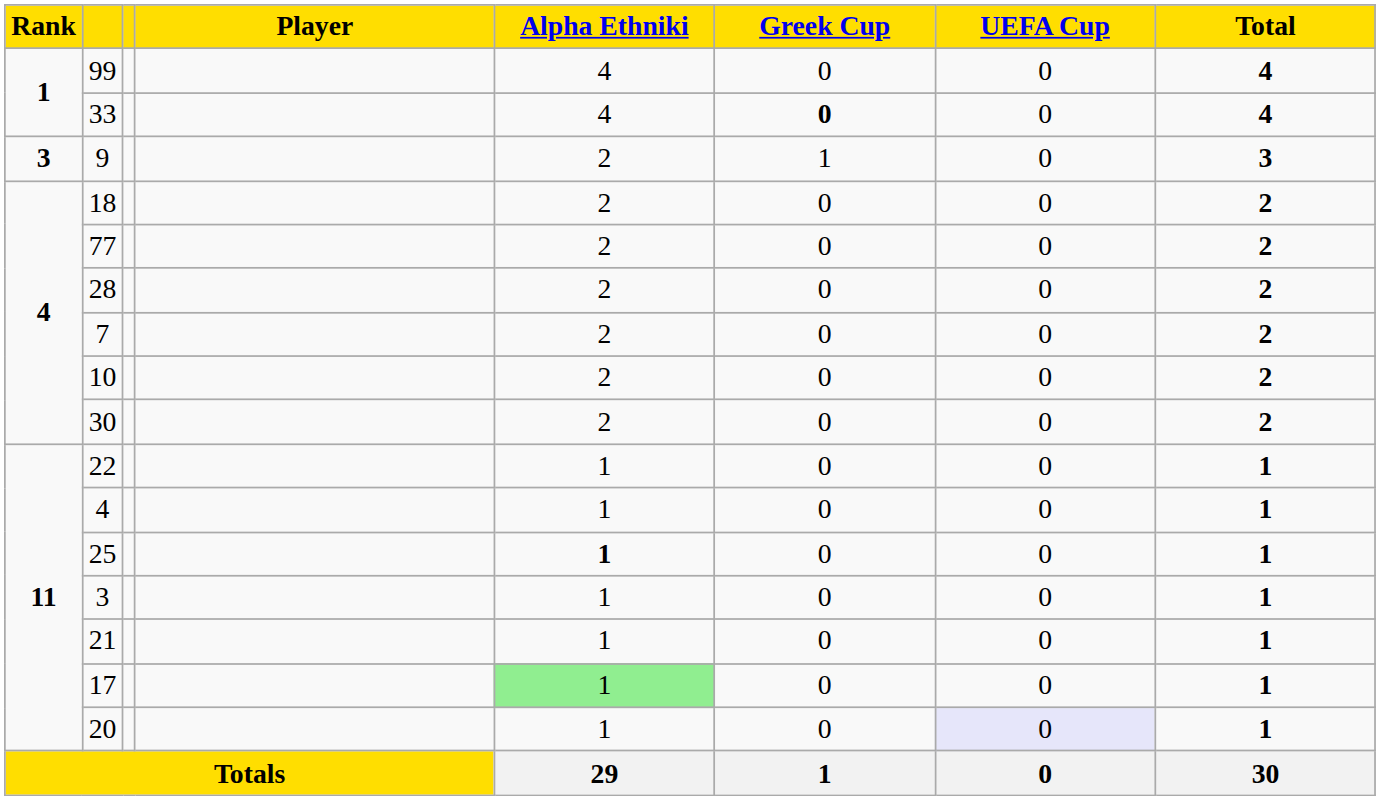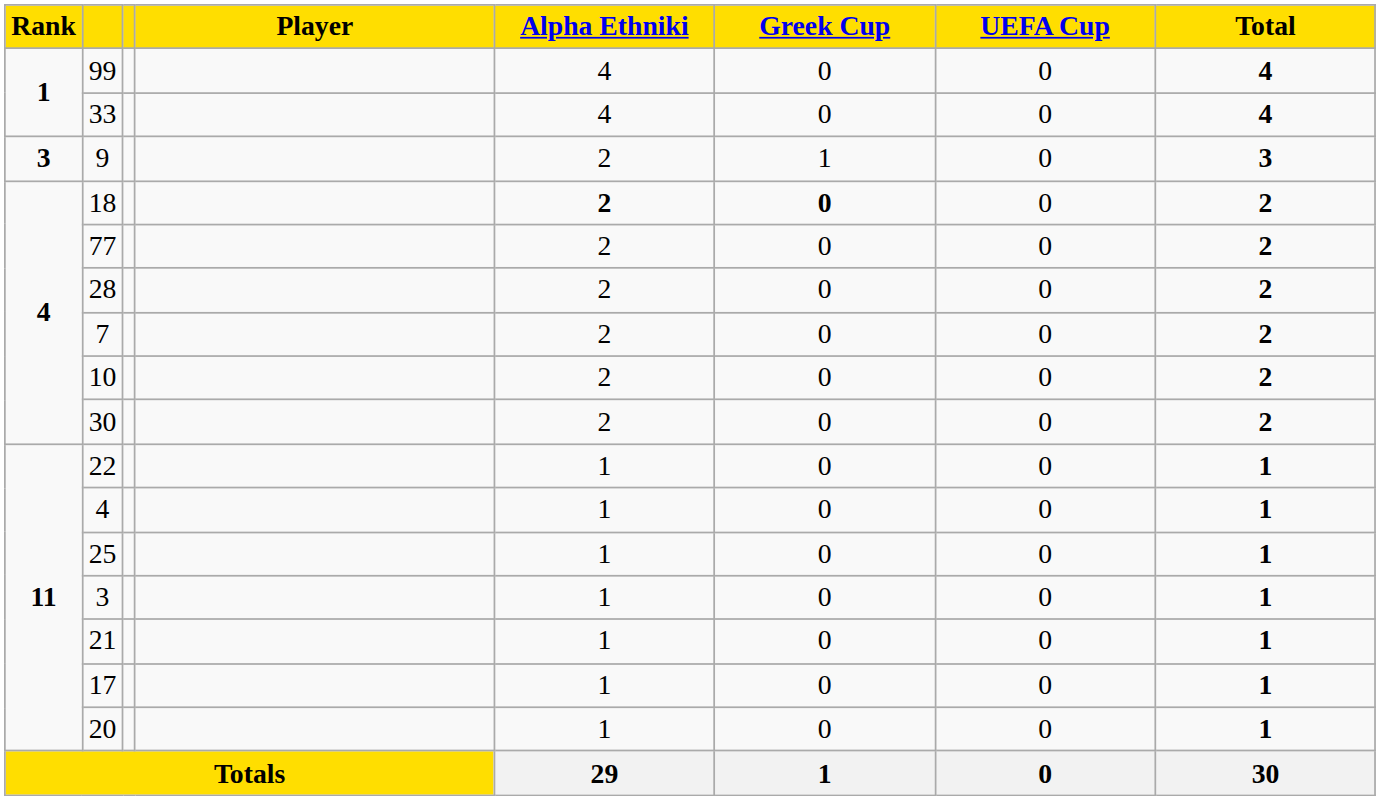 <table class="wikitable sortable" style="text-align: center">
 <tr>
 <th style="background:#FFDE00">Rank</th>
 <th style="background:#FFDE00"></th>
 <th style="background:#FFDE00"></th>
 <th width=200 style="background:#FFDE00">Player</th>
 <th width=120 style="background:#FFDE00"><a href='#'>Alpha Ethniki</a></th>
 <th width=120 style="background:#FFDE00"><a href='#'>Greek Cup</a></th>
 <th width=120 style="background:#FFDE00"><a href='#'>UEFA Cup</a></th>
 <th width=120 style="background:#FFDE00">Total</th>
 </tr>
 <tr>
 <td rowspan=2><strong>1</strong></td>
 <td>99</td>
 <td></td>
 <td align=left></td>
 <td>4</td>
 <td>0</td>
 <td>0</td>
 <td><strong>4</strong></td>
 </tr>
 <tr>
 <td>33</td>
 <td></td>
 <td align=left></td>
 <td>4</td>
-<td><strong>0</strong></td>
+<td>0</td>
 <td>0</td>
 <td><strong>4</strong></td>
 </tr>
 <tr>
 <td><strong>3</strong></td>
 <td>9</td>
 <td></td>
 <td align=left></td>
 <td>2</td>
 <td>1</td>
 <td>0</td>
 <td><strong>3</strong></td>
 </tr>
 <tr>
 <td rowspan=6><strong>4</strong></td>
 <td>18</td>
 <td></td>
 <td align=left></td>
-<td>2</td>
-<td>0</td>
+<td><strong>2</strong></td>
+<td><strong>0</strong></td>
 <td>0</td>
 <td><strong>2</strong></td>
 </tr>
 <tr>
 <td>77</td>
 <td></td>
 <td align=left></td>
 <td>2</td>
 <td>0</td>
 <td>0</td>
 <td><strong>2</strong></td>
 </tr>
 <tr>
 <td>28</td>
 <td></td>
 <td align=left></td>
 <td>2</td>
 <td>0</td>
 <td>0</td>
 <td><strong>2</strong></td>
 </tr>
 <tr>
 <td>7</td>
 <td></td>
 <td align=left></td>
 <td>2</td>
 <td>0</td>
 <td>0</td>
 <td><strong>2</strong></td>
 </tr>
 <tr>
 <td>10</td>
 <td></td>
 <td align=left></td>
 <td>2</td>
 <td>0</td>
 <td>0</td>
 <td><strong>2</strong></td>
 </tr>
 <tr>
 <td>30</td>
 <td></td>
 <td align=left></td>
 <td>2</td>
 <td>0</td>
 <td>0</td>
 <td><strong>2</strong></td>
 </tr>
 <tr>
 <td rowspan=7><strong>11</strong></td>
 <td>22</td>
 <td></td>
 <td align=left></td>
 <td>1</td>
 <td>0</td>
 <td>0</td>
 <td><strong>1</strong></td>
 </tr>
 <tr>
 <td>4</td>
 <td></td>
 <td align=left></td>
 <td>1</td>
 <td>0</td>
 <td>0</td>
 <td><strong>1</strong></td>
 </tr>
 <tr>
 <td>25</td>
 <td></td>
 <td align=left></td>
-<td><strong>1</strong></td>
+<td>1</td>
 <td>0</td>
 <td>0</td>
 <td><strong>1</strong></td>
 </tr>
 <tr>
 <td>3</td>
 <td></td>
 <td align=left></td>
 <td>1</td>
 <td>0</td>
 <td>0</td>
 <td><strong>1</strong></td>
 </tr>
 <tr>
 <td>21</td>
 <td></td>
 <td align=left></td>
 <td>1</td>
 <td>0</td>
 <td>0</td>
 <td><strong>1</strong></td>
 </tr>
 <tr>
 <td>17</td>
 <td></td>
 <td align=left></td>
-<td style="background: lightgreen;">1</td>
+<td>1</td>
 <td>0</td>
 <td>0</td>
 <td><strong>1</strong></td>
 </tr>
 <tr>
 <td>20</td>
 <td></td>
 <td align=left></td>
 <td>1</td>
 <td>0</td>
-<td style="background: lavender;">0</td>
+<td>0</td>
 <td><strong>1</strong></td>
 </tr>
 <tr class="sortbottom">
 <th colspan=4 style="background:#FFDE00"><strong>Totals</strong></th>
 <th><strong>29</strong></th>
 <th><strong> 1</strong></th>
 <th><strong> 0</strong></th>
 <th><strong>30</strong></th>
 </tr>
 </table>
